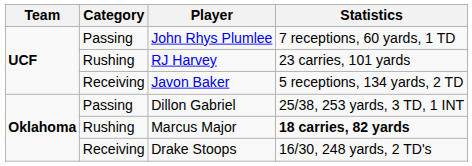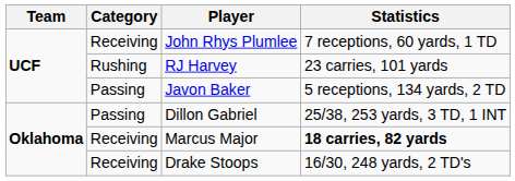 <table class="wikitable" style="float: right;">
 <tr>
 <th>Team</th>
 <th>Category</th>
 <th>Player</th>
 <th>Statistics</th>
 </tr>
 <tr>
 <td rowspan=3><strong>UCF</strong></td>
-<td>Passing</td>
+<td>Receiving</td>
 <td><a href='#'>John Rhys Plumlee</a></td>
 <td>7 receptions, 60 yards, 1 TD</td>
 </tr>
 <tr>
 <td>Rushing</td>
 <td><a href='#'>RJ Harvey</a></td>
 <td>23 carries, 101 yards</td>
 </tr>
 <tr>
-<td>Receiving</td>
+<td>Passing</td>
 <td><a href='#'>Javon Baker</a></td>
 <td>5 receptions, 134 yards, 2 TD</td>
 </tr>
 <tr>
 <td rowspan=3><strong>Oklahoma</strong></td>
 <td>Passing</td>
 <td>Dillon Gabriel</td>
 <td>25/38, 253 yards, 3 TD, 1 INT</td>
 </tr>
 <tr>
-<td>Rushing</td>
+<td>Receiving</td>
 <td>Marcus Major</td>
 <td><strong>18 carries, 82 yards</strong></td>
 </tr>
 <tr>
 <td>Receiving</td>
 <td>Drake Stoops</td>
 <td>16/30, 248 yards, 2 TD's</td>
 </tr>
 </table>
